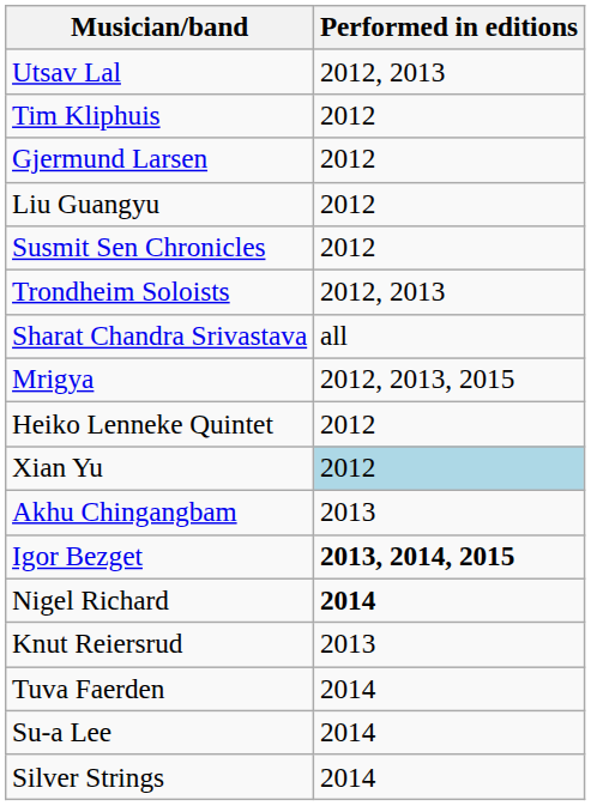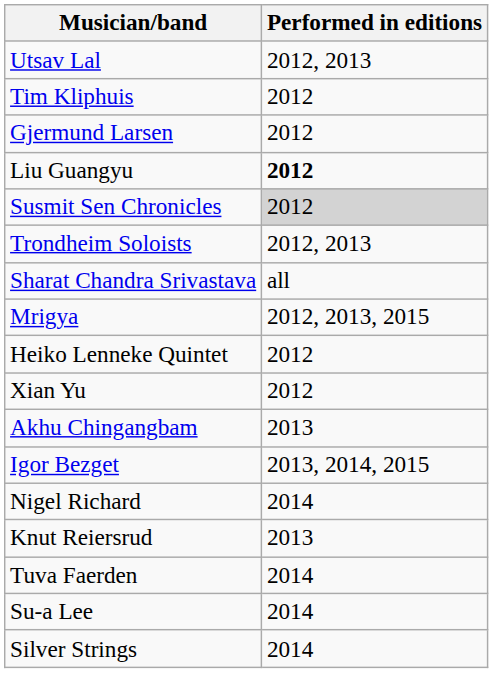 <table class="wikitable">
 <tr>
 <th>Musician/band</th>
 <th>Performed in editions</th>
 </tr>
 <tr>
 <td><a href='#'>Utsav Lal</a></td>
 <td>2012, 2013</td>
 </tr>
 <tr>
 <td><a href='#'>Tim Kliphuis</a></td>
 <td>2012</td>
 </tr>
 <tr>
 <td><a href='#'>Gjermund Larsen</a></td>
 <td>2012</td>
 </tr>
 <tr>
 <td>Liu Guangyu</td>
-<td>2012</td>
+<td><strong>2012</strong></td>
 </tr>
 <tr>
 <td><a href='#'>Susmit Sen Chronicles</a></td>
-<td>2012</td>
+<td style="background: lightgrey;">2012</td>
 </tr>
 <tr>
 <td><a href='#'>Trondheim Soloists</a></td>
 <td>2012, 2013</td>
 </tr>
 <tr>
 <td><a href='#'>Sharat Chandra Srivastava</a></td>
 <td>all</td>
 </tr>
 <tr>
 <td><a href='#'>Mrigya</a></td>
 <td>2012, 2013, 2015</td>
 </tr>
 <tr>
 <td>Heiko Lenneke Quintet</td>
 <td>2012</td>
 </tr>
 <tr>
 <td>Xian Yu</td>
-<td style="background: lightblue;">2012</td>
+<td>2012</td>
 </tr>
 <tr>
 <td><a href='#'>Akhu Chingangbam</a></td>
 <td>2013</td>
 </tr>
 <tr>
 <td><a href='#'>Igor Bezget</a></td>
-<td><strong>2013, 2014, 2015</strong></td>
+<td>2013, 2014, 2015</td>
 </tr>
 <tr>
 <td>Nigel Richard</td>
-<td><strong>2014</strong></td>
+<td>2014</td>
 </tr>
 <tr>
 <td>Knut Reiersrud</td>
 <td>2013</td>
 </tr>
 <tr>
 <td>Tuva Faerden</td>
 <td>2014</td>
 </tr>
 <tr>
 <td>Su-a Lee</td>
 <td>2014</td>
 </tr>
 <tr>
 <td>Silver Strings</td>
 <td>2014</td>
 </tr>
 </table>
